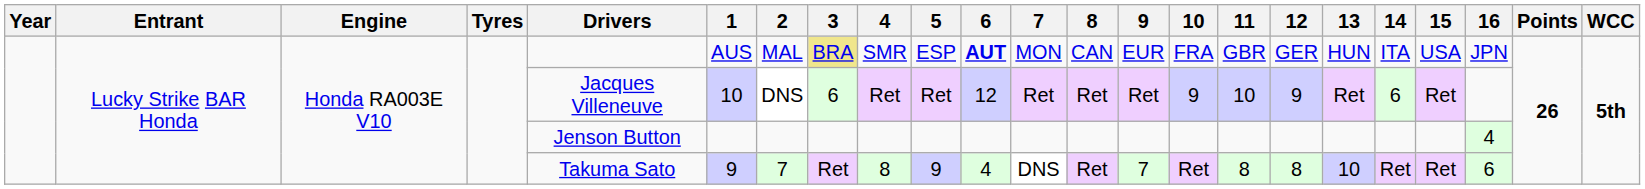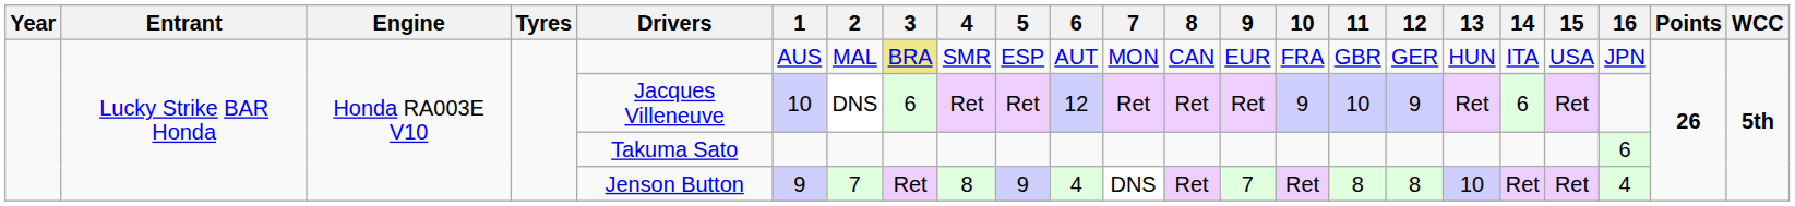 <table class="wikitable" style="text-align:center; font-size:95%">
 <tr>
 <th>Year</th>
 <th>Entrant</th>
 <th>Engine</th>
 <th>Tyres</th>
 <th>Drivers</th>
 <th>1</th>
 <th>2</th>
 <th>3</th>
 <th>4</th>
 <th>5</th>
 <th>6</th>
 <th>7</th>
 <th>8</th>
 <th>9</th>
 <th>10</th>
 <th>11</th>
 <th>12</th>
 <th>13</th>
 <th>14</th>
 <th>15</th>
 <th>16</th>
 <th>Points</th>
 <th>WCC</th>
 </tr>
 <tr>
 <td rowspan="4"></td>
 <td rowspan="4"><a href='#'>Lucky Strike</a> <a href='#'>BAR</a> <a href='#'>Honda</a></td>
 <td rowspan="4"><a href='#'>Honda</a> RA003E <a href='#'>V10</a></td>
 <td rowspan="4"></td>
 <td></td>
 <td><a href='#'>AUS</a></td>
 <td><a href='#'>MAL</a></td>
 <td style="background: khaki;"><a href='#'>BRA</a></td>
 <td><a href='#'>SMR</a></td>
 <td><a href='#'>ESP</a></td>
-<td><strong><a href='#'>AUT</a></strong></td>
+<td><a href='#'>AUT</a></td>
 <td><a href='#'>MON</a></td>
 <td><a href='#'>CAN</a></td>
 <td><a href='#'>EUR</a></td>
 <td><a href='#'>FRA</a></td>
 <td><a href='#'>GBR</a></td>
 <td><a href='#'>GER</a></td>
 <td><a href='#'>HUN</a></td>
 <td><a href='#'>ITA</a></td>
 <td><a href='#'>USA</a></td>
 <td><a href='#'>JPN</a></td>
 <td rowspan="4"><strong>26</strong></td>
 <td rowspan="4"><strong>5th</strong></td>
 </tr>
 <tr>
 <td> <a href='#'>Jacques Villeneuve</a></td>
 <td style="background:#CFCFFF;">10</td>
 <td style="background:#ffffff;">DNS</td>
 <td style="background:#DFFFDF;">6</td>
 <td style="background:#EFCFFF;">Ret</td>
 <td style="background:#EFCFFF;">Ret</td>
 <td style="background:#CFCFFF;">12</td>
 <td style="background:#EFCFFF;">Ret</td>
 <td style="background:#EFCFFF;">Ret</td>
 <td style="background:#EFCFFF;">Ret</td>
 <td style="background:#CFCFFF;">9</td>
 <td style="background:#CFCFFF;">10</td>
 <td style="background:#CFCFFF;">9</td>
 <td style="background:#EFCFFF;">Ret</td>
 <td style="background:#DFFFDF;">6</td>
 <td style="background:#EFCFFF;">Ret</td>
 <td></td>
 </tr>
 <tr>
-<td> <a href='#'>Jenson Button</a></td>
+<td> <a href='#'>Takuma Sato</a></td>
 <td></td>
 <td></td>
 <td></td>
 <td></td>
 <td></td>
 <td></td>
 <td></td>
 <td></td>
 <td></td>
 <td></td>
 <td></td>
 <td></td>
 <td></td>
 <td></td>
 <td></td>
-<td style="background:#DFFFDF;">4</td>
+<td style="background:#DFFFDF;">6</td>
 </tr>
 <tr>
-<td> <a href='#'>Takuma Sato</a></td>
+<td> <a href='#'>Jenson Button</a></td>
 <td style="background:#CFCFFF;">9</td>
 <td style="background:#DFFFDF;">7</td>
 <td style="background:#EFCFFF;">Ret</td>
 <td style="background:#DFFFDF;">8</td>
 <td style="background:#CFCFFF;">9</td>
 <td style="background:#DFFFDF;">4</td>
 <td style="background:#ffffff;">DNS</td>
 <td style="background:#EFCFFF;">Ret</td>
 <td style="background:#DFFFDF;">7</td>
 <td style="background:#EFCFFF;">Ret</td>
 <td style="background:#DFFFDF;">8</td>
 <td style="background:#DFFFDF;">8</td>
 <td style="background:#CFCFFF;">10</td>
 <td style="background:#EFCFFF;">Ret</td>
 <td style="background:#EFCFFF;">Ret</td>
-<td style="background:#DFFFDF;">6</td>
+<td style="background:#DFFFDF;">4</td>
 </tr>
 </table>
